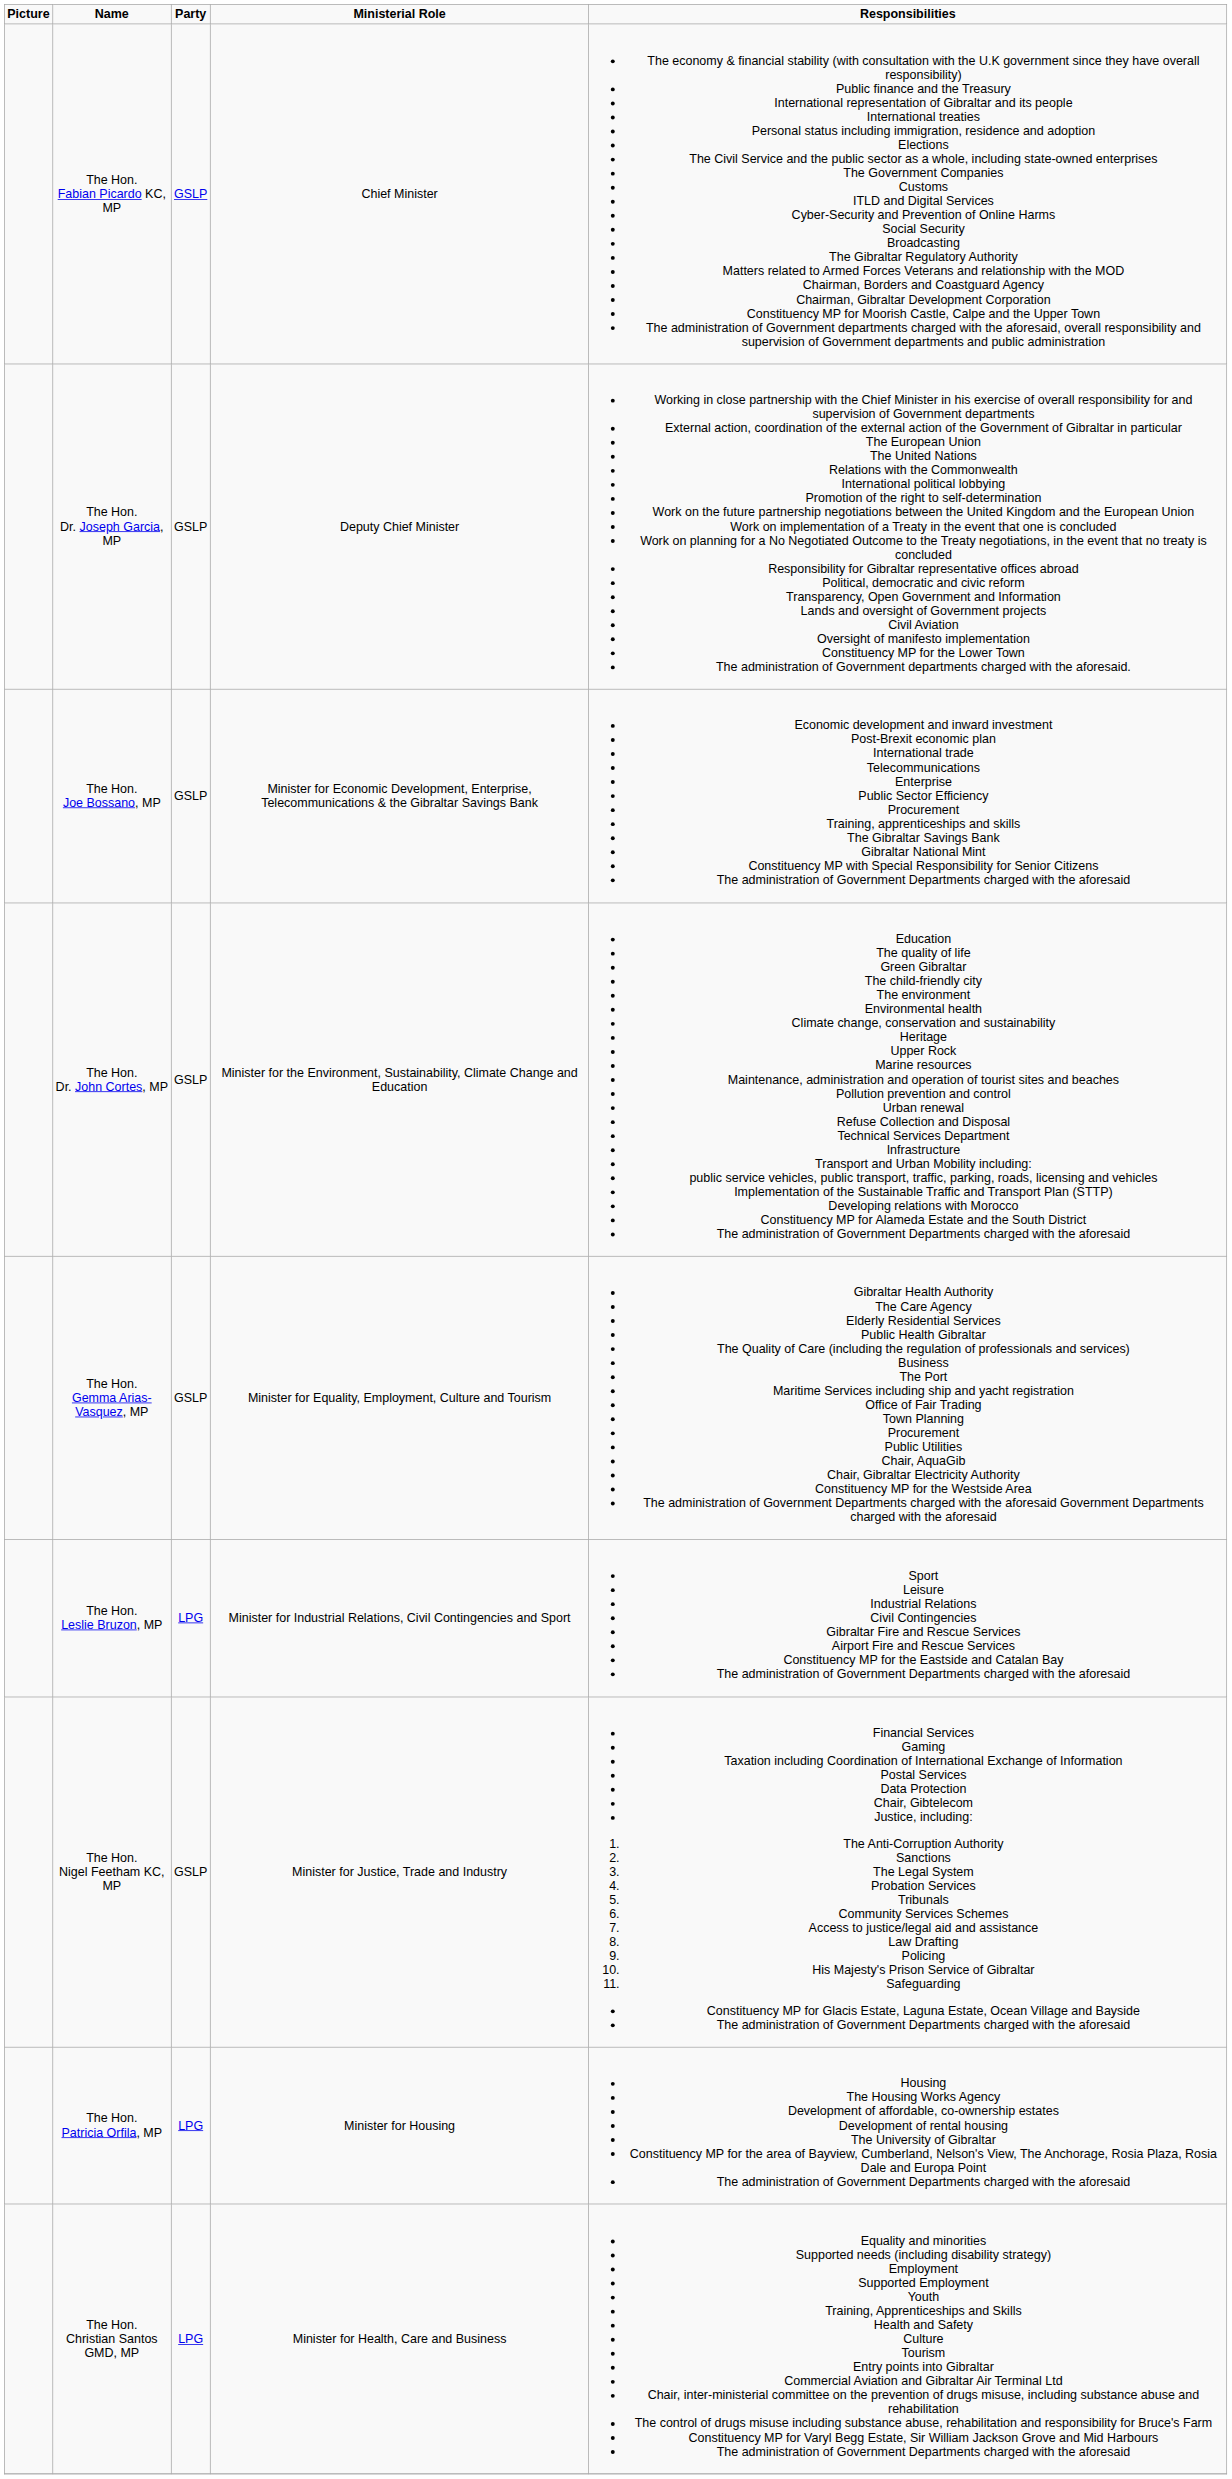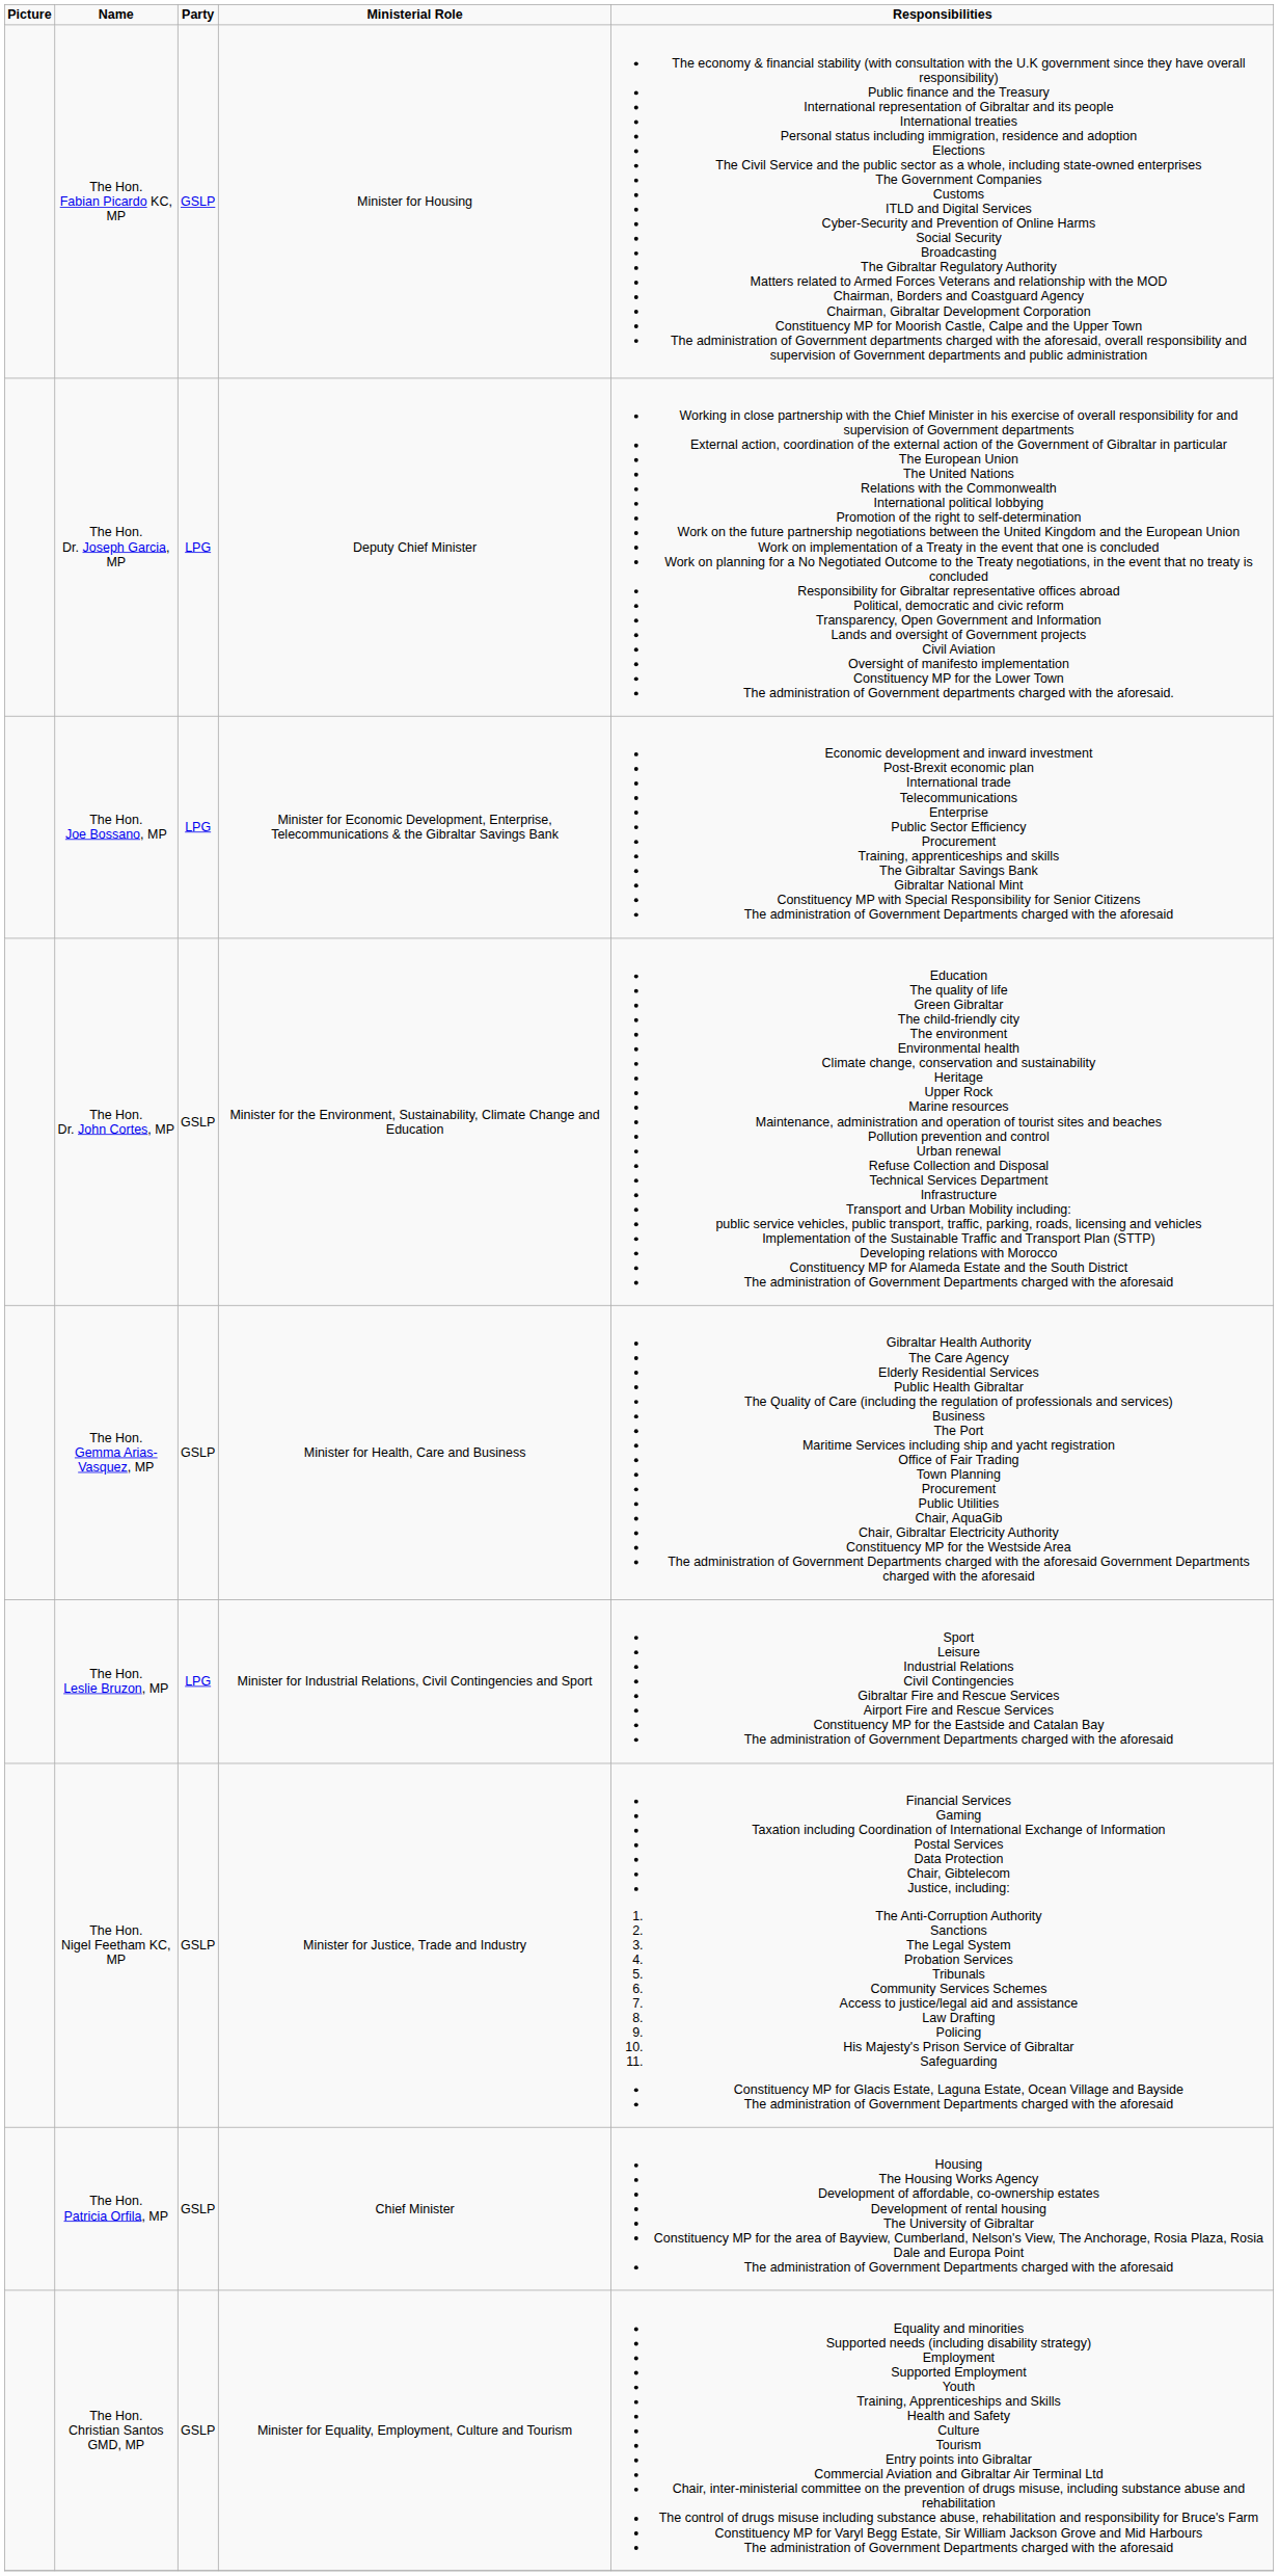 <table class="wikitable" style="text-align:center">
 <tr>
 <td><strong>Picture</strong></td>
 <td><strong>Name</strong></td>
 <td><strong>Party</strong></td>
 <td><strong>Ministerial Role</strong></td>
 <td><strong>Responsibilities</strong></td>
 </tr>
 <tr>
 <td></td>
 <td>The Hon.<br><a href='#'>Fabian Picardo</a> KC, MP</td>
 <td><a href='#'>GSLP</a></td>
-<td>Chief Minister</td>
+<td>Minister for Housing</td>
 <td><br><ul><li>The economy & financial stability (with consultation with the U.K government since they have overall responsibility)</li><li>Public finance and the Treasury</li><li>International representation of Gibraltar and its people</li><li>International treaties</li><li>Personal status including immigration, residence and adoption</li><li>Elections</li><li>The Civil Service and the public sector as a whole, including state-owned enterprises</li><li>The Government Companies</li><li>Customs</li><li>ITLD and Digital Services</li><li>Cyber-Security and Prevention of Online Harms</li><li>Social Security</li><li>Broadcasting</li><li>The Gibraltar Regulatory Authority</li><li>Matters related to Armed Forces Veterans and relationship with the MOD</li><li>Chairman, Borders and Coastguard Agency</li><li>Chairman, Gibraltar Development Corporation</li><li>Constituency MP for Moorish Castle, Calpe and the Upper Town</li><li>The administration of Government departments charged with the aforesaid, overall responsibility and supervision of Government departments and public administration</li></ul></td>
 </tr>
 <tr>
 <td></td>
 <td>The Hon.<br>Dr. <a href='#'>Joseph Garcia</a>, MP</td>
-<td>GSLP</td>
+<td><a href='#'>LPG</a></td>
 <td>Deputy Chief Minister</td>
 <td><br><ul><li>Working in close partnership with the Chief Minister in his exercise of overall responsibility for and supervision of Government departments</li><li>External action, coordination of the external action of the Government of Gibraltar in particular</li><li>The European Union</li><li>The United Nations</li><li>Relations with the Commonwealth</li><li>International political lobbying</li><li>Promotion of the right to self-determination</li><li>Work on the future partnership negotiations between the United Kingdom and the European Union</li><li>Work on implementation of a Treaty in the event that one is concluded</li><li>Work on planning for a No Negotiated Outcome to the Treaty negotiations, in the event that no treaty is concluded</li><li>Responsibility for Gibraltar representative offices abroad</li><li>Political, democratic and civic reform</li><li>Transparency, Open Government and Information</li><li>Lands and oversight of Government projects</li><li>Civil Aviation</li><li>Oversight of manifesto implementation</li><li>Constituency MP for the Lower Town</li><li>The administration of Government departments charged with the aforesaid.</li></ul></td>
 </tr>
 <tr>
 <td></td>
 <td>The Hon. <br><a href='#'>Joe Bossano</a>, MP</td>
-<td>GSLP</td>
+<td><a href='#'>LPG</a></td>
 <td>Minister for Economic Development, Enterprise, Telecommunications & the Gibraltar Savings Bank</td>
 <td><br><ul><li>Economic development and inward investment</li><li>Post-Brexit economic plan</li><li>International trade</li><li>Telecommunications</li><li>Enterprise</li><li>Public Sector Efficiency</li><li>Procurement</li><li>Training, apprenticeships and skills</li><li>The Gibraltar Savings Bank</li><li>Gibraltar National Mint</li><li>Constituency MP with Special Responsibility for Senior Citizens</li><li>The administration of Government Departments charged with the aforesaid</li></ul></td>
 </tr>
 <tr>
 <td></td>
 <td>The Hon.<br> Dr. <a href='#'>John Cortes</a>, MP</td>
 <td>GSLP</td>
 <td>Minister for the Environment, Sustainability, Climate Change and Education</td>
 <td><br><ul><li>Education</li><li>The quality of life</li><li>Green Gibraltar</li><li>The child-friendly city</li><li>The environment</li><li>Environmental health</li><li>Climate change, conservation and sustainability</li><li>Heritage</li><li>Upper Rock</li><li>Marine resources</li><li>Maintenance, administration and operation of tourist sites and beaches</li><li>Pollution prevention and control</li><li>Urban renewal</li><li>Refuse Collection and Disposal</li><li>Technical Services Department</li><li>Infrastructure</li><li>Transport and Urban Mobility including:</li><li>public service vehicles, public transport, traffic, parking, roads, licensing and vehicles</li><li>Implementation of the Sustainable Traffic and Transport Plan (STTP)</li><li>Developing relations with Morocco</li><li>Constituency MP for Alameda Estate and the South District</li><li>The administration of Government Departments charged with the aforesaid</li></ul></td>
 </tr>
 <tr>
 <td></td>
 <td>The Hon.<br> <a href='#'>Gemma Arias-Vasquez</a>, MP</td>
 <td>GSLP</td>
-<td>Minister for Equality, Employment, Culture and Tourism</td>
+<td>Minister for Health, Care and Business</td>
 <td><br><ul><li>Gibraltar Health Authority</li><li>The Care Agency</li><li>Elderly Residential Services</li><li>Public Health Gibraltar</li><li>The Quality of Care (including the regulation of professionals and services)</li><li>Business</li><li>The Port</li><li>Maritime Services including ship and yacht registration</li><li>Office of Fair Trading</li><li>Town Planning</li><li>Procurement</li><li>Public Utilities</li><li>Chair, AquaGib</li><li>Chair, Gibraltar Electricity Authority</li><li>Constituency MP for the Westside Area</li><li>The administration of Government Departments charged with the aforesaid Government Departments charged with the aforesaid</li></ul></td>
 </tr>
 <tr>
 <td></td>
 <td>The Hon.<br> <a href='#'>Leslie Bruzon</a>, MP</td>
 <td><a href='#'>LPG</a></td>
 <td>Minister for  Industrial Relations, Civil Contingencies and Sport</td>
 <td><br><ul><li>Sport</li><li>Leisure</li><li>Industrial Relations</li><li>Civil Contingencies</li><li>Gibraltar Fire and Rescue Services</li><li>Airport Fire and Rescue Services</li><li>Constituency MP for the Eastside and Catalan Bay</li><li>The administration of Government Departments charged with the aforesaid</li></ul></td>
 </tr>
 <tr>
 <td></td>
 <td>The Hon.<br> Nigel Feetham KC, MP</td>
 <td>GSLP</td>
 <td>Minister for Justice, Trade and Industry</td>
 <td><br><ul><li>Financial Services</li><li>Gaming</li><li>Taxation including Coordination of International Exchange of Information</li><li>Postal Services</li><li>Data Protection</li><li>Chair, Gibtelecom</li><li>Justice, including:</li></ul><ol><li>The Anti-Corruption Authority</li><li>Sanctions</li><li>The Legal System</li><li>Probation Services</li><li>Tribunals</li><li>Community Services Schemes</li><li>Access to justice/legal aid and assistance</li><li>Law Drafting</li><li>Policing</li><li>His Majesty's Prison Service of Gibraltar</li><li>Safeguarding</li></ol><ul><li>Constituency MP for Glacis Estate, Laguna Estate, Ocean Village and Bayside</li><li>The administration of Government Departments charged with the aforesaid</li></ul></td>
 </tr>
 <tr>
 <td></td>
 <td>The Hon.<br> <a href='#'>Patricia Orfila</a>, MP</td>
-<td><a href='#'>LPG</a></td>
-<td>Minister for Housing</td>
+<td>GSLP</td>
+<td>Chief Minister</td>
 <td><br><ul><li>Housing</li><li>The Housing Works Agency</li><li>Development of affordable, co-ownership estates</li><li>Development of rental housing</li><li>The University of Gibraltar</li><li>Constituency MP for the area of Bayview, Cumberland, Nelson's View, The Anchorage, Rosia Plaza, Rosia Dale and Europa Point</li><li>The administration of Government Departments charged with the aforesaid</li></ul></td>
 </tr>
 <tr>
 <td></td>
 <td>The Hon.<br> Christian Santos GMD, MP</td>
-<td><a href='#'>LPG</a></td>
-<td>Minister for Health, Care and Business</td>
+<td>GSLP</td>
+<td>Minister for Equality, Employment, Culture and Tourism</td>
 <td><br><ul><li>Equality and minorities</li><li>Supported needs (including disability strategy)</li><li>Employment</li><li>Supported Employment</li><li>Youth</li><li>Training, Apprenticeships and Skills</li><li>Health and Safety</li><li>Culture</li><li>Tourism</li><li>Entry points into Gibraltar</li><li>Commercial Aviation and Gibraltar Air Terminal Ltd</li><li>Chair, inter-ministerial committee on the prevention of drugs misuse, including substance abuse and rehabilitation</li><li>The control of drugs misuse including substance abuse, rehabilitation and responsibility for Bruce's Farm</li><li>Constituency MP for Varyl Begg Estate, Sir William Jackson Grove and Mid Harbours</li><li>The administration of Government Departments charged with the aforesaid</li></ul></td>
 </tr>
 <tr>
 </tr>
 </table>
